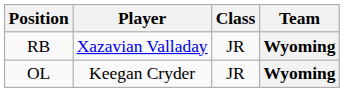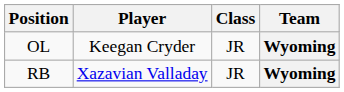 <table class="wikitable sortable" border="1">
 <tr>
 <th>Position</th>
 <th>Player</th>
 <th>Class</th>
 <th>Team</th>
 </tr>
 <tr>
+<td style="text-align:center;">OL</td>
+<td style="text-align:center;">Keegan Cryder</td>
+<td style="text-align:center;">JR</td>
+<th>Wyoming</th>
+</tr>
+<tr>
 <td style="text-align:center;">RB</td>
 <td style="text-align:center;"><a href='#'>Xazavian Valladay</a></td>
 <td style="text-align:center;">JR</td>
 <th>Wyoming</th>
 </tr>
-<tr>
-<td style="text-align:center;">OL</td>
-<td style="text-align:center;">Keegan Cryder</td>
-<td style="text-align:center;">JR</td>
-<th>Wyoming</th>
-</tr>
 </table>
